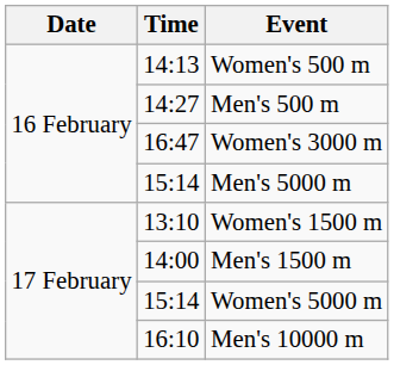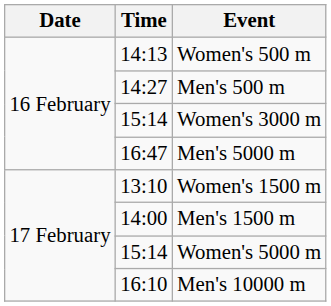 <table class="wikitable">
 <tr>
 <th>Date</th>
 <th>Time</th>
 <th>Event</th>
 </tr>
 <tr>
 <td rowspan=4>16 February</td>
 <td>14:13</td>
 <td>Women's 500 m</td>
 </tr>
 <tr>
 <td>14:27</td>
 <td>Men's 500 m</td>
 </tr>
 <tr>
-<td>16:47</td>
+<td>15:14</td>
 <td>Women's 3000 m</td>
 </tr>
 <tr>
-<td>15:14</td>
+<td>16:47</td>
 <td>Men's 5000 m</td>
 </tr>
 <tr>
 <td rowspan=4>17 February</td>
 <td>13:10</td>
 <td>Women's 1500 m</td>
 </tr>
 <tr>
 <td>14:00</td>
 <td>Men's 1500 m</td>
 </tr>
 <tr>
 <td>15:14</td>
 <td>Women's 5000 m</td>
 </tr>
 <tr>
 <td>16:10</td>
 <td>Men's 10000 m</td>
 </tr>
 </table>
